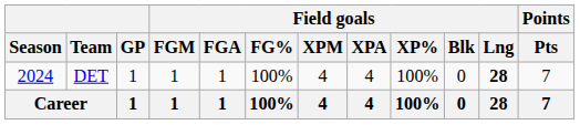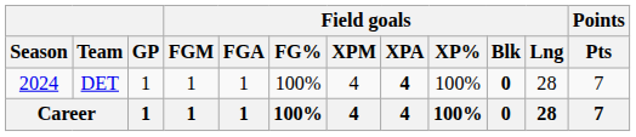 <table class="wikitable" style="text-align:center;">
 <tr>
 <th colspan=3></th>
 <th colspan=8>Field goals</th>
 <th>Points</th>
 </tr>
 <tr>
 <th>Season</th>
 <th>Team</th>
 <th>GP</th>
 <th>FGM</th>
 <th>FGA</th>
 <th>FG%</th>
 <th>XPM</th>
 <th>XPA</th>
 <th>XP%</th>
 <th>Blk</th>
 <th>Lng</th>
 <th>Pts</th>
 </tr>
 <tr>
 <td><a href='#'>2024</a></td>
 <td><a href='#'>DET</a></td>
 <td>1</td>
 <td>1</td>
 <td>1</td>
 <td>100%</td>
 <td>4</td>
-<td>4</td>
+<td><strong>4</strong></td>
 <td>100%</td>
-<td>0</td>
-<td><strong>28</strong></td>
+<td><strong>0</strong></td>
+<td>28</td>
 <td>7</td>
 </tr>
 <tr>
 <th colspan="2">Career</th>
 <th>1</th>
 <th>1</th>
 <th>1</th>
 <th>100%</th>
 <th>4</th>
 <th>4</th>
 <th>100%</th>
 <th>0</th>
 <th>28</th>
 <th>7</th>
 </tr>
 </table>
